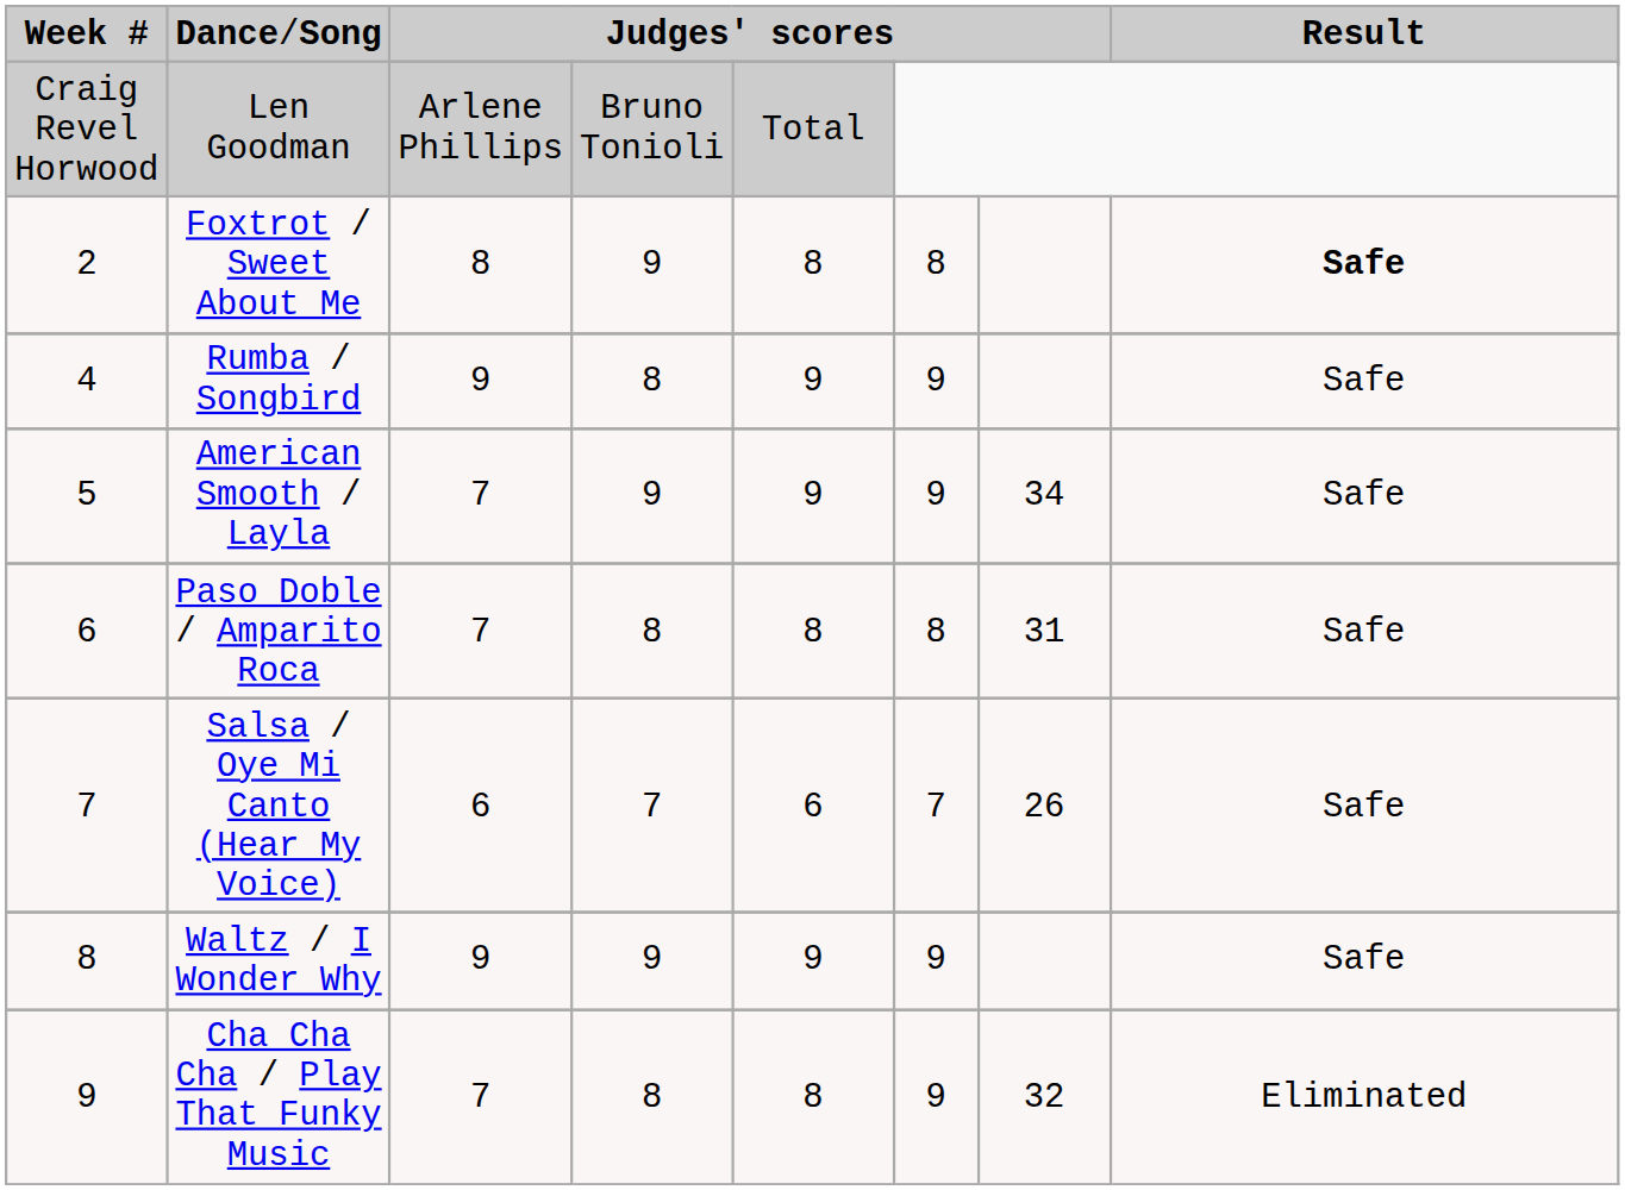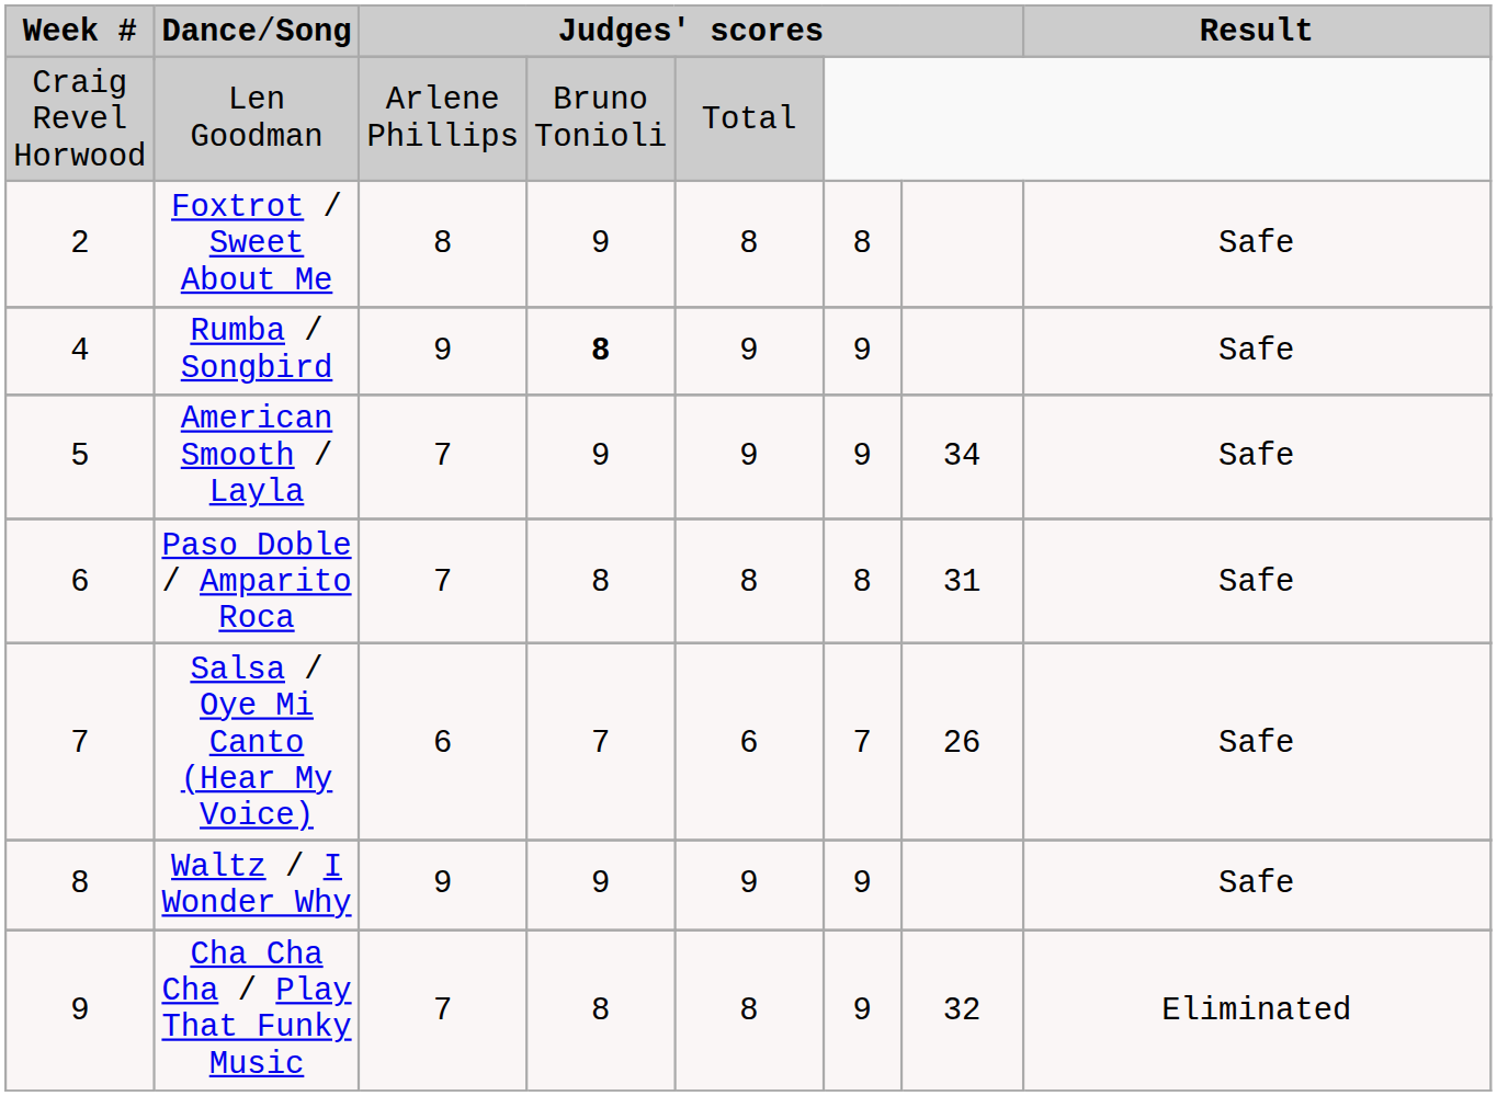 <table class="wikitable" align="center">
 <tr>
 <td rowspan="2" bgcolor="CCCCCC" align="Center"><strong>Week #</strong></td>
 <td rowspan="2" bgcolor="CCCCCC" align="Center"><strong>Dance</strong>/<strong>Song</strong></td>
 <td colspan="5" bgcolor="CCCCCC" align="Center"><strong>Judges' scores</strong></td>
 <td rowspan="2" bgcolor="CCCCCC" align="Center"><strong>Result</strong></td>
 </tr>
 <tr>
 </tr>
 <tr>
 <td bgcolor="CCCCCC" width="10%" align="center">Craig Revel Horwood</td>
 <td bgcolor="CCCCCC" width="10%" align="center">Len Goodman</td>
 <td bgcolor="CCCCCC" width="10%" align="center">Arlene Phillips</td>
 <td bgcolor="CCCCCC" width="10%" align="center">Bruno Tonioli</td>
 <td bgcolor="CCCCCC" width="10%" align="center">Total</td>
 </tr>
 <tr>
 <td align="center" bgcolor="FAF6F6">2</td>
 <td align="center" bgcolor="FAF6F6"><a href='#'>Foxtrot</a> / <a href='#'>Sweet About Me</a></td>
 <td align="center" bgcolor="FAF6F6">8</td>
 <td align="center" bgcolor="FAF6F6">9</td>
 <td align="center" bgcolor="FAF6F6">8</td>
 <td align="center" bgcolor="FAF6F6">8</td>
 <td align="center" bgcolor="FAF6F6"></td>
-<td align="center" bgcolor="FAF6F6"><strong>Safe</strong></td>
+<td align="center" bgcolor="FAF6F6">Safe</td>
 </tr>
 <tr>
 </tr>
 <tr>
 <td align="center" bgcolor="FAF6F6">4</td>
 <td align="center" bgcolor="FAF6F6"><a href='#'>Rumba</a> / <a href='#'>Songbird</a></td>
 <td align="center" bgcolor="FAF6F6">9</td>
-<td align="center" bgcolor="FAF6F6">8</td>
+<td align="center" bgcolor="FAF6F6"><strong>8</strong></td>
 <td align="center" bgcolor="FAF6F6">9</td>
 <td align="center" bgcolor="FAF6F6">9</td>
 <td align="center" bgcolor="FAF6F6"></td>
 <td align="center" bgcolor="FAF6F6">Safe</td>
 </tr>
 <tr>
 </tr>
 <tr>
 <td align="center" bgcolor="FAF6F6">5</td>
 <td align="center" bgcolor="FAF6F6"><a href='#'>American Smooth</a> / <a href='#'>Layla</a></td>
 <td align="center" bgcolor="FAF6F6">7</td>
 <td align="center" bgcolor="FAF6F6">9</td>
 <td align="center" bgcolor="FAF6F6">9</td>
 <td align="center" bgcolor="FAF6F6">9</td>
 <td align="center" bgcolor="FAF6F6">34</td>
 <td align="center" bgcolor="FAF6F6">Safe</td>
 </tr>
 <tr>
 </tr>
 <tr>
 <td align="center" bgcolor="FAF6F6">6</td>
 <td align="center" bgcolor="FAF6F6"><a href='#'>Paso Doble</a> / <a href='#'>Amparito Roca</a></td>
 <td align="center" bgcolor="FAF6F6">7</td>
 <td align="center" bgcolor="FAF6F6">8</td>
 <td align="center" bgcolor="FAF6F6">8</td>
 <td align="center" bgcolor="FAF6F6">8</td>
 <td align="center" bgcolor="FAF6F6">31</td>
 <td align="center" bgcolor="FAF6F6">Safe</td>
 </tr>
 <tr>
 </tr>
 <tr>
 <td align="center" bgcolor="FAF6F6">7</td>
 <td align="center" bgcolor="FAF6F6"><a href='#'>Salsa</a> / <a href='#'>Oye Mi Canto (Hear My Voice)</a></td>
 <td align="center" bgcolor="FAF6F6">6</td>
 <td align="center" bgcolor="FAF6F6">7</td>
 <td align="center" bgcolor="FAF6F6">6</td>
 <td align="center" bgcolor="FAF6F6">7</td>
 <td align="center" bgcolor="FAF6F6">26</td>
 <td align="center" bgcolor="FAF6F6">Safe</td>
 </tr>
 <tr>
 </tr>
 <tr>
 <td align="center" bgcolor="FAF6F6">8</td>
 <td align="center" bgcolor="FAF6F6"><a href='#'>Waltz</a> / <a href='#'>I Wonder Why</a></td>
 <td align="center" bgcolor="FAF6F6">9</td>
 <td align="center" bgcolor="FAF6F6">9</td>
 <td align="center" bgcolor="FAF6F6">9</td>
 <td align="center" bgcolor="FAF6F6">9</td>
 <td align="center" bgcolor="FAF6F6"></td>
 <td align="center" bgcolor="FAF6F6">Safe</td>
 </tr>
 <tr>
 </tr>
 <tr>
 <td align="center" bgcolor="FAF6F6">9</td>
 <td align="center" bgcolor="FAF6F6"><a href='#'>Cha Cha Cha</a> / <a href='#'>Play That Funky Music</a></td>
 <td align="center" bgcolor="FAF6F6">7</td>
 <td align="center" bgcolor="FAF6F6">8</td>
 <td align="center" bgcolor="FAF6F6">8</td>
 <td align="center" bgcolor="FAF6F6">9</td>
 <td align="center" bgcolor="FAF6F6">32</td>
 <td align="center" bgcolor="FAF6F6">Eliminated</td>
 </tr>
 </table>
